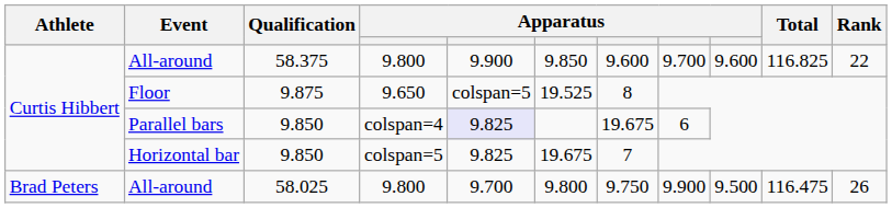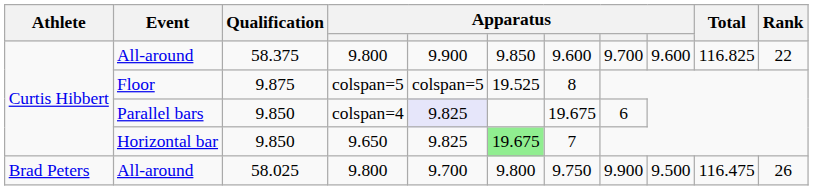 <table class="wikitable" style="font-size:90%">
 <tr>
 <th rowspan=2>Athlete</th>
 <th rowspan=2>Event</th>
 <th rowspan=2>Qualification</th>
 <th colspan=6>Apparatus</th>
 <th rowspan=2>Total</th>
 <th rowspan=2>Rank</th>
 </tr>
 <tr style="font-size:95%">
 <th></th>
 <th></th>
 <th></th>
 <th></th>
 <th></th>
 <th></th>
 </tr>
 <tr align=center>
 <td align=left rowspan=4><a href='#'>Curtis Hibbert</a></td>
 <td align=left><a href='#'>All-around</a></td>
 <td>58.375</td>
 <td>9.800</td>
 <td>9.900</td>
 <td>9.850</td>
 <td>9.600</td>
 <td>9.700</td>
 <td>9.600</td>
 <td>116.825</td>
 <td>22</td>
 </tr>
 <tr align=center>
 <td align=left><a href='#'>Floor</a></td>
 <td>9.875</td>
-<td>9.650</td>
+<td>colspan=5</td>
 <td>colspan=5</td>
 <td>19.525</td>
 <td>8</td>
 </tr>
 <tr align=center>
 <td align=left><a href='#'>Parallel bars</a></td>
 <td>9.850</td>
 <td>colspan=4</td>
 <td style="background: lavender;">9.825</td>
 <td></td>
 <td>19.675</td>
 <td>6</td>
 </tr>
 <tr align=center>
 <td align=left><a href='#'>Horizontal bar</a></td>
 <td>9.850</td>
-<td>colspan=5</td>
+<td>9.650</td>
 <td>9.825</td>
-<td>19.675</td>
+<td style="background: lightgreen;">19.675</td>
 <td>7</td>
 </tr>
 <tr align=center>
 <td align=left><a href='#'>Brad Peters</a></td>
 <td align=left><a href='#'>All-around</a></td>
 <td>58.025</td>
 <td>9.800</td>
 <td>9.700</td>
 <td>9.800</td>
 <td>9.750</td>
 <td>9.900</td>
 <td>9.500</td>
 <td>116.475</td>
 <td>26</td>
 </tr>
 </table>
